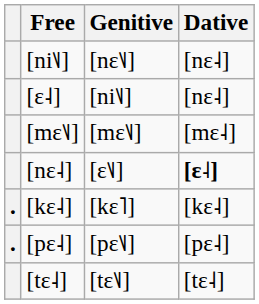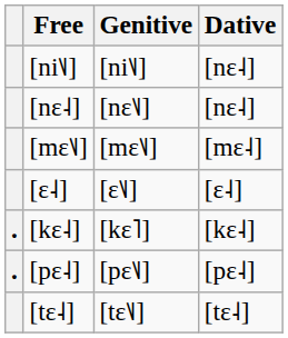 <table class="wikitable">
 <tr>
 <th></th>
 <th>Free</th>
 <th>Genitive</th>
 <th>Dative</th>
 </tr>
 <tr>
 <th></th>
 <td>[ni˥˩]</td>
-<td>[nɛ˥˩]</td>
+<td>[ni˥˩]</td>
 <td>[nɛ˨]</td>
 </tr>
 <tr>
 <th></th>
-<td>[ɛ˨]</td>
-<td>[ni˥˩]</td>
+<td>[nɛ˨]</td>
+<td>[nɛ˥˩]</td>
 <td>[nɛ˨]</td>
 </tr>
 <tr>
 <th></th>
 <td>[mɛ˥˩]</td>
 <td>[mɛ˥˩]</td>
 <td>[mɛ˨]</td>
 </tr>
 <tr>
 <th></th>
-<td>[nɛ˨]</td>
+<td>[ɛ˨]</td>
 <td>[ɛ˥˩]</td>
-<td><strong>[ɛ˨]</strong></td>
+<td>[ɛ˨]</td>
 </tr>
 <tr>
 <th>.</th>
 <td>[kɛ˨]</td>
 <td>[kɛ˥]</td>
 <td>[kɛ˨]</td>
 </tr>
 <tr>
 <th>.</th>
 <td>[pɛ˨]</td>
 <td>[pɛ˥˩]</td>
 <td>[pɛ˨]</td>
 </tr>
 <tr>
 <th></th>
 <td>[tɛ˨]</td>
 <td>[tɛ˥˩]</td>
 <td>[tɛ˨]</td>
 </tr>
 </table>
